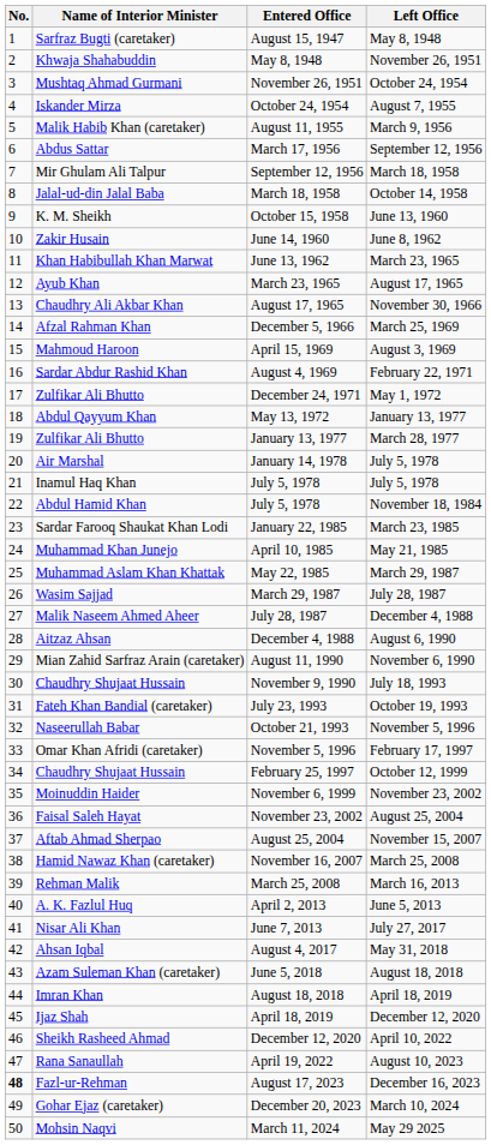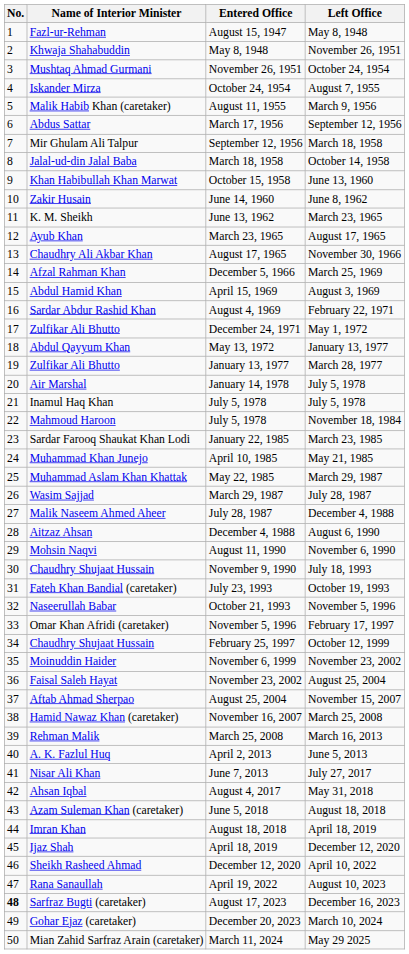 <table class="wikitable">
 <tr>
 <th>No.</th>
 <th align="center">Name of Interior Minister</th>
 <th align=center>Entered Office</th>
 <th align=center>Left Office</th>
 </tr>
 <tr>
 <td>1</td>
-<td><a href='#'>Sarfraz Bugti</a> (caretaker)</td>
+<td><a href='#'>Fazl-ur-Rehman</a></td>
 <td>August 15, 1947</td>
 <td>May 8, 1948</td>
 </tr>
 <tr>
 <td>2</td>
 <td><a href='#'>Khwaja Shahabuddin</a></td>
 <td>May 8, 1948</td>
 <td>November 26, 1951</td>
 </tr>
 <tr>
 <td>3</td>
 <td><a href='#'>Mushtaq Ahmad Gurmani</a></td>
 <td>November 26, 1951</td>
 <td>October 24, 1954</td>
 </tr>
 <tr>
 <td>4</td>
 <td><a href='#'>Iskander Mirza</a></td>
 <td>October 24, 1954</td>
 <td>August 7, 1955</td>
 </tr>
 <tr>
 <td>5</td>
 <td><a href='#'>Malik Habib</a> Khan (caretaker)</td>
 <td>August 11, 1955</td>
 <td>March 9, 1956</td>
 </tr>
 <tr>
 <td>6</td>
 <td><a href='#'>Abdus Sattar</a></td>
 <td>March 17, 1956</td>
 <td>September 12, 1956</td>
 </tr>
 <tr>
 <td>7</td>
 <td>Mir Ghulam Ali Talpur</td>
 <td>September 12, 1956</td>
 <td>March 18, 1958</td>
 </tr>
 <tr>
 <td>8</td>
 <td><a href='#'>Jalal-ud-din Jalal Baba</a></td>
 <td>March 18, 1958</td>
 <td>October 14, 1958</td>
 </tr>
 <tr>
 <td>9</td>
-<td>K. M. Sheikh</td>
+<td><a href='#'>Khan Habibullah Khan Marwat</a></td>
 <td>October 15, 1958</td>
 <td>June 13, 1960</td>
 </tr>
 <tr>
 <td>10</td>
 <td><a href='#'>Zakir Husain</a></td>
 <td>June 14, 1960</td>
 <td>June 8, 1962</td>
 </tr>
 <tr>
 <td>11</td>
-<td><a href='#'>Khan Habibullah Khan Marwat</a></td>
+<td>K. M. Sheikh</td>
 <td>June 13, 1962</td>
 <td>March 23, 1965</td>
 </tr>
 <tr>
 <td>12</td>
 <td><a href='#'>Ayub Khan</a></td>
 <td>March 23, 1965</td>
 <td>August 17, 1965</td>
 </tr>
 <tr>
 <td>13</td>
 <td><a href='#'>Chaudhry Ali Akbar Khan</a></td>
 <td>August 17, 1965</td>
 <td>November 30, 1966</td>
 </tr>
 <tr>
 <td>14</td>
 <td><a href='#'>Afzal Rahman Khan</a></td>
 <td>December 5, 1966</td>
 <td>March 25, 1969</td>
 </tr>
 <tr>
 <td>15</td>
-<td><a href='#'>Mahmoud Haroon</a></td>
+<td><a href='#'>Abdul Hamid Khan</a></td>
 <td>April 15, 1969</td>
 <td>August 3, 1969</td>
 </tr>
 <tr>
 <td>16</td>
 <td><a href='#'>Sardar Abdur Rashid Khan</a></td>
 <td>August 4, 1969</td>
 <td>February 22, 1971</td>
 </tr>
 <tr>
 <td>17</td>
 <td><a href='#'>Zulfikar Ali Bhutto</a></td>
 <td>December 24, 1971</td>
 <td>May 1, 1972</td>
 </tr>
 <tr>
 <td>18</td>
 <td><a href='#'>Abdul Qayyum Khan</a></td>
 <td>May 13, 1972</td>
 <td>January 13, 1977</td>
 </tr>
 <tr>
 <td>19</td>
 <td><a href='#'>Zulfikar Ali Bhutto</a></td>
 <td>January 13, 1977</td>
 <td>March 28, 1977</td>
 </tr>
 <tr>
 <td>20</td>
 <td><a href='#'>Air Marshal</a></td>
 <td>January 14, 1978</td>
 <td>July 5, 1978</td>
 </tr>
 <tr>
 <td>21</td>
 <td>Inamul Haq Khan</td>
 <td>July 5, 1978</td>
 <td>July 5, 1978</td>
 </tr>
 <tr>
 <td>22</td>
-<td><a href='#'>Abdul Hamid Khan</a></td>
+<td><a href='#'>Mahmoud Haroon</a></td>
 <td>July 5, 1978</td>
 <td>November 18, 1984</td>
 </tr>
 <tr>
 <td>23</td>
 <td>Sardar Farooq Shaukat Khan Lodi</td>
 <td>January 22, 1985</td>
 <td>March 23, 1985</td>
 </tr>
 <tr>
 <td>24</td>
 <td><a href='#'>Muhammad Khan Junejo</a></td>
 <td>April 10, 1985</td>
 <td>May 21, 1985</td>
 </tr>
 <tr>
 <td>25</td>
 <td><a href='#'>Muhammad Aslam Khan Khattak</a></td>
 <td>May 22, 1985</td>
 <td>March 29, 1987</td>
 </tr>
 <tr>
 <td>26</td>
 <td><a href='#'>Wasim Sajjad</a></td>
 <td>March 29, 1987</td>
 <td>July 28, 1987</td>
 </tr>
 <tr>
 <td>27</td>
 <td><a href='#'>Malik Naseem Ahmed Aheer</a></td>
 <td>July 28, 1987</td>
 <td>December 4, 1988</td>
 </tr>
 <tr>
 <td>28</td>
 <td><a href='#'>Aitzaz Ahsan</a></td>
 <td>December 4, 1988</td>
 <td>August 6, 1990</td>
 </tr>
 <tr>
 <td>29</td>
-<td>Mian Zahid Sarfraz Arain (caretaker)</td>
+<td><a href='#'>Mohsin Naqvi</a></td>
 <td>August 11, 1990</td>
 <td>November 6, 1990</td>
 </tr>
 <tr>
 <td>30</td>
 <td><a href='#'>Chaudhry Shujaat Hussain</a></td>
 <td>November 9, 1990</td>
 <td>July 18, 1993</td>
 </tr>
 <tr>
 <td>31</td>
 <td><a href='#'>Fateh Khan Bandial</a> (caretaker)</td>
 <td>July 23, 1993</td>
 <td>October 19, 1993</td>
 </tr>
 <tr>
 <td>32</td>
 <td><a href='#'>Naseerullah Babar</a></td>
 <td>October 21, 1993</td>
 <td>November 5, 1996</td>
 </tr>
 <tr>
 <td>33</td>
 <td>Omar Khan Afridi (caretaker)</td>
 <td>November 5, 1996</td>
 <td>February 17, 1997</td>
 </tr>
 <tr>
 <td>34</td>
 <td><a href='#'>Chaudhry Shujaat Hussain</a></td>
 <td>February 25, 1997</td>
 <td>October 12, 1999</td>
 </tr>
 <tr>
 <td>35</td>
 <td><a href='#'>Moinuddin Haider</a></td>
 <td>November 6, 1999</td>
 <td>November 23, 2002</td>
 </tr>
 <tr>
 <td>36</td>
 <td><a href='#'>Faisal Saleh Hayat</a></td>
 <td>November 23, 2002</td>
 <td>August 25, 2004</td>
 </tr>
 <tr>
 <td>37</td>
 <td><a href='#'>Aftab Ahmad Sherpao</a></td>
 <td>August 25, 2004</td>
 <td>November 15, 2007</td>
 </tr>
 <tr>
 <td>38</td>
 <td><a href='#'>Hamid Nawaz Khan</a> (caretaker)</td>
 <td>November 16, 2007</td>
 <td>March 25, 2008</td>
 </tr>
 <tr>
 <td>39</td>
 <td><a href='#'>Rehman Malik</a></td>
 <td>March 25, 2008</td>
 <td>March 16, 2013</td>
 </tr>
 <tr>
 <td>40</td>
 <td><a href='#'>A. K. Fazlul Huq</a></td>
 <td>April 2, 2013</td>
 <td>June 5, 2013</td>
 </tr>
 <tr>
 <td>41</td>
 <td><a href='#'>Nisar Ali Khan</a></td>
 <td>June 7, 2013</td>
 <td>July 27, 2017</td>
 </tr>
 <tr>
 <td>42</td>
 <td><a href='#'>Ahsan Iqbal</a></td>
 <td>August 4, 2017</td>
 <td>May 31, 2018</td>
 </tr>
 <tr>
 <td>43</td>
 <td><a href='#'>Azam Suleman Khan</a> (caretaker)</td>
 <td>June 5, 2018</td>
 <td>August 18, 2018</td>
 </tr>
 <tr>
 <td>44</td>
 <td><a href='#'>Imran Khan</a></td>
 <td>August 18, 2018</td>
 <td>April 18, 2019</td>
 </tr>
 <tr>
 <td>45</td>
 <td><a href='#'>Ijaz Shah</a></td>
 <td>April 18, 2019</td>
 <td>December 12, 2020</td>
 </tr>
 <tr>
 <td>46</td>
 <td><a href='#'>Sheikh Rasheed Ahmad</a></td>
 <td>December 12, 2020</td>
 <td>April 10, 2022</td>
 </tr>
 <tr>
 <td>47</td>
 <td><a href='#'>Rana Sanaullah</a></td>
 <td>April 19, 2022</td>
 <td>August 10, 2023</td>
 </tr>
 <tr>
 <td><strong>48</strong></td>
-<td><a href='#'>Fazl-ur-Rehman</a></td>
+<td><a href='#'>Sarfraz Bugti</a> (caretaker)</td>
 <td>August 17, 2023</td>
 <td>December 16, 2023</td>
 </tr>
 <tr>
 <td>49</td>
 <td><a href='#'>Gohar Ejaz</a> (caretaker)</td>
 <td>December 20, 2023</td>
 <td>March 10, 2024</td>
 </tr>
 <tr>
 <td>50</td>
-<td><a href='#'>Mohsin Naqvi</a></td>
+<td>Mian Zahid Sarfraz Arain (caretaker)</td>
 <td>March 11, 2024</td>
 <td>May 29 2025</td>
 </tr>
 </table>
